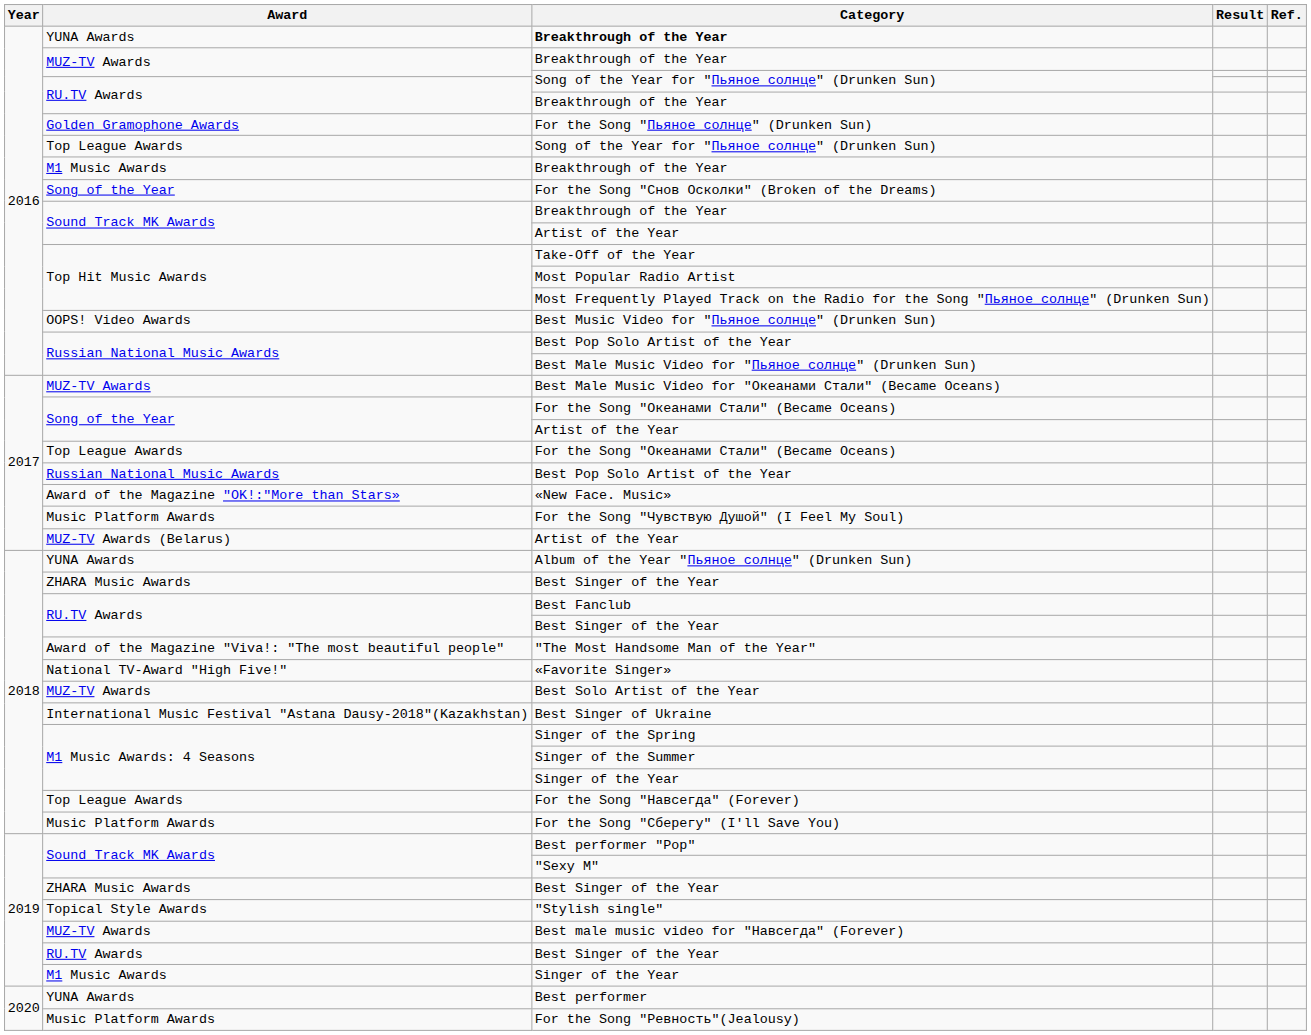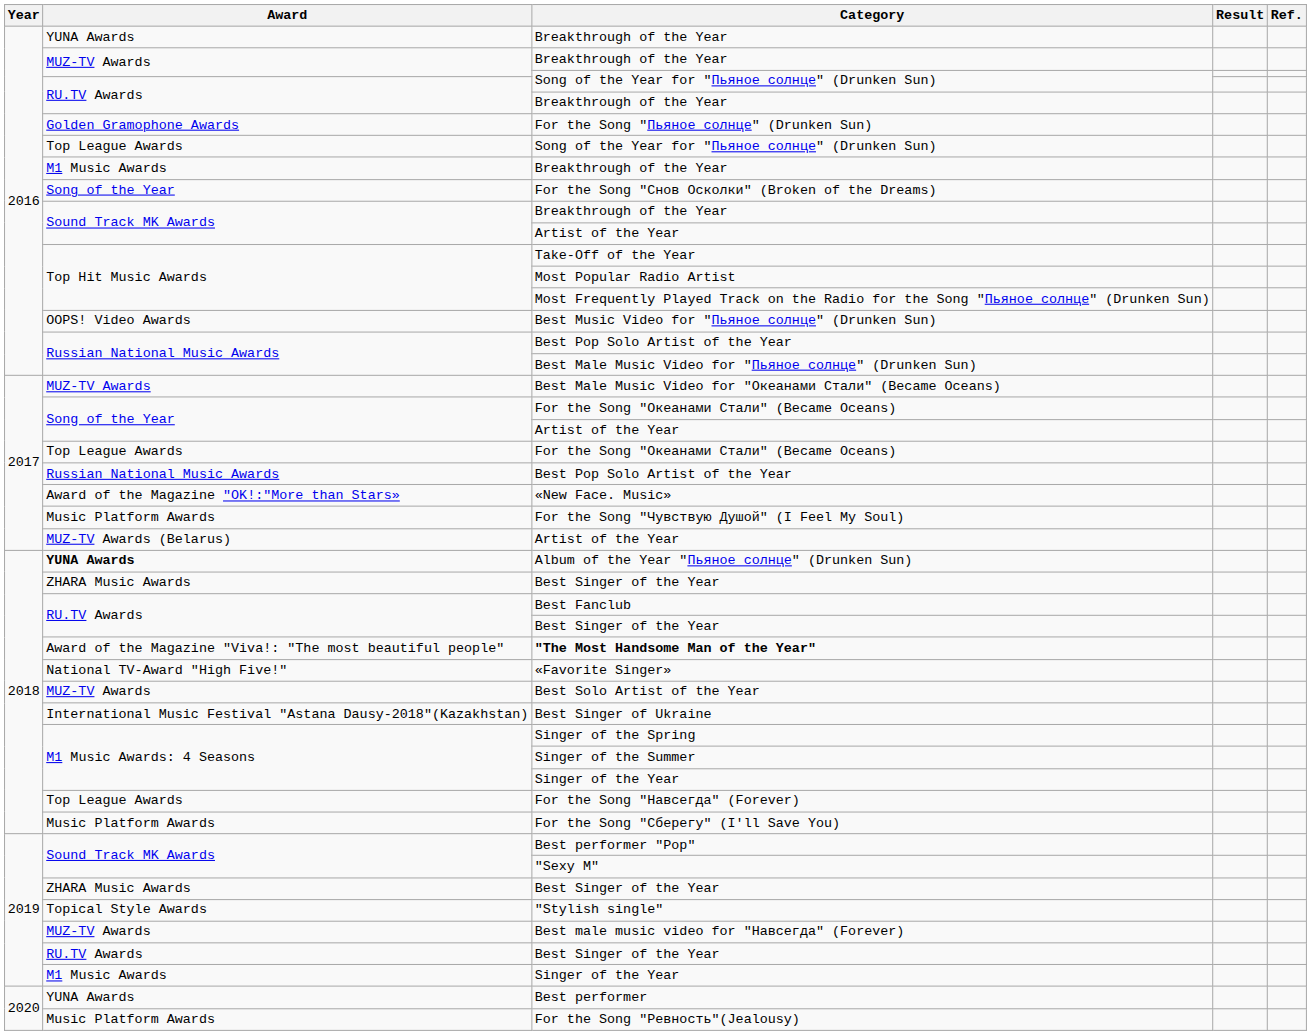 <table class=wikitable>
 <tr>
 <th scope="col">Year</th>
 <th scope="col">Award</th>
 <th scope="col">Category</th>
 <th scope="col">Result</th>
 <th scope="col">Ref.</th>
 </tr>
 <tr>
 <td rowspan="17">2016</td>
 <td>YUNA Awards</td>
-<td><strong>Breakthrough of the Year</strong></td>
+<td>Breakthrough of the Year</td>
 <td></td>
 <td></td>
 </tr>
 <tr>
 <td rowspan="2"><a href='#'>MUZ-TV</a> Awards</td>
 <td>Breakthrough of the Year</td>
 <td></td>
 <td></td>
 </tr>
 <tr>
 <td rowspan="2">Song of the Year for "<a href='#'>Пьяное солнце</a>" (Drunken Sun)</td>
 <td></td>
 <td></td>
 </tr>
 <tr>
 <td rowspan="2"><a href='#'>RU.TV</a> Awards</td>
 <td></td>
 <td></td>
 </tr>
 <tr>
 <td>Breakthrough of the Year</td>
 <td></td>
 <td></td>
 </tr>
 <tr>
 <td><a href='#'>Golden Gramophone Awards</a></td>
 <td>For the Song "<a href='#'>Пьяное солнце</a>" (Drunken Sun)</td>
 <td></td>
 <td></td>
 </tr>
 <tr>
 <td>Top League Awards</td>
 <td>Song of the Year for "<a href='#'>Пьяное солнце</a>" (Drunken Sun)</td>
 <td></td>
 <td></td>
 </tr>
 <tr>
 <td><a href='#'>M1</a> Music Awards</td>
 <td>Breakthrough of the Year</td>
 <td></td>
 <td></td>
 </tr>
 <tr>
 <td><a href='#'>Song of the Year</a></td>
 <td>For the Song "Снов Осколки" (Broken of the Dreams)</td>
 <td></td>
 <td></td>
 </tr>
 <tr>
 <td rowspan="2"><a href='#'>Sound Track MK Awards</a></td>
 <td>Breakthrough of the Year</td>
 <td></td>
 <td></td>
 </tr>
 <tr>
 <td>Artist of the Year</td>
 <td></td>
 <td></td>
 </tr>
 <tr>
 <td rowspan="3">Top Hit Music Awards</td>
 <td>Take-Off of the Year</td>
 <td></td>
 <td></td>
 </tr>
 <tr>
 <td>Most Popular Radio Artist</td>
 <td></td>
 <td></td>
 </tr>
 <tr>
 <td>Most Frequently Played Track on the Radio for the Song "<a href='#'>Пьяное солнце</a>" (Drunken Sun)</td>
 <td></td>
 <td></td>
 </tr>
 <tr>
 <td>OOPS! Video Awards</td>
 <td>Best Music Video for "<a href='#'>Пьяное солнце</a>" (Drunken Sun)</td>
 <td></td>
 <td></td>
 </tr>
 <tr>
 <td rowspan="2"><a href='#'>Russian National Music Awards</a></td>
 <td>Best Pop Solo Artist of the Year</td>
 <td></td>
 <td></td>
 </tr>
 <tr>
 <td>Best Male Music Video for "<a href='#'>Пьяное солнце</a>" (Drunken Sun)</td>
 <td></td>
 <td></td>
 </tr>
 <tr>
 <td rowspan="8">2017</td>
 <td><a href='#'>MUZ-TV Awards</a></td>
 <td>Best Male Music Video for "Океанами Cтали" (Became Oceans)</td>
 <td></td>
 <td></td>
 </tr>
 <tr>
 <td rowspan="2"><a href='#'>Song of the Year</a></td>
 <td>For the Song "Океанами Cтали" (Became Oceans)</td>
 <td></td>
 <td></td>
 </tr>
 <tr>
 <td>Artist of the Year</td>
 <td></td>
 <td></td>
 </tr>
 <tr>
 <td>Top League Awards</td>
 <td>For the Song "Океанами Cтали" (Became Oceans)</td>
 <td></td>
 <td></td>
 </tr>
 <tr>
 <td><a href='#'>Russian National Music Awards</a></td>
 <td>Best Pop Solo Artist of the Year</td>
 <td></td>
 <td></td>
 </tr>
 <tr>
 <td>Award of the Magazine <a href='#'>"OK!:"More than Stars»</a></td>
 <td>«New Face. Music»</td>
 <td></td>
 <td></td>
 </tr>
 <tr>
 <td>Music Platform Awards</td>
 <td>For the Song "Чувствую Душой" (I Feel My Soul)</td>
 <td></td>
 <td></td>
 </tr>
 <tr>
 <td><a href='#'>MUZ-TV</a> Awards (Belarus)</td>
 <td>Artist of the Year</td>
 <td></td>
 <td></td>
 </tr>
 <tr>
 <td rowspan="13">2018</td>
-<td>YUNA Awards</td>
+<td><strong>YUNA Awards</strong></td>
 <td>Album of the Year "<a href='#'>Пьяное солнце</a>" (Drunken Sun)</td>
 <td></td>
 <td></td>
 </tr>
 <tr>
 <td>ZHARA Music Awards</td>
 <td>Best Singer of the Year</td>
 <td></td>
 <td></td>
 </tr>
 <tr>
 <td rowspan="2"><a href='#'>RU.TV</a> Awards</td>
 <td>Best Fanclub</td>
 <td></td>
 <td></td>
 </tr>
 <tr>
 <td>Best Singer of the Year</td>
 <td></td>
 <td></td>
 </tr>
 <tr>
 <td>Award of the Magazine "Viva!: "The most beautiful people"</td>
-<td>"The Most Handsome Man of the Year"</td>
+<td><strong>"The Most Handsome Man of the Year"</strong></td>
 <td></td>
 <td></td>
 </tr>
 <tr>
 <td>National TV-Award "High Five!"</td>
 <td>«Favorite Singer»</td>
 <td></td>
 <td></td>
 </tr>
 <tr>
 <td><a href='#'>MUZ-TV</a> Awards</td>
 <td>Best Solo Artist of the Year</td>
 <td></td>
 <td></td>
 </tr>
 <tr>
 <td>International Music Festival "Astana Dausy-2018"(Kazakhstan)</td>
 <td>Best Singer of Ukraine</td>
 <td></td>
 <td></td>
 </tr>
 <tr>
 <td rowspan="3"><a href='#'>M1</a> Music Awards: 4 Seasons</td>
 <td>Singer of the Spring</td>
 <td></td>
 <td></td>
 </tr>
 <tr>
 <td>Singer of the Summer</td>
 <td></td>
 <td></td>
 </tr>
 <tr>
 <td>Singer of the Year</td>
 <td></td>
 <td></td>
 </tr>
 <tr>
 <td>Top League Awards</td>
 <td>For the Song "Навсегда" (Forever)</td>
 <td></td>
 <td></td>
 </tr>
 <tr>
 <td>Music Platform Awards</td>
 <td>For the Song "Сберегу" (I'll Save You)</td>
 <td></td>
 <td></td>
 </tr>
 <tr>
 <td rowspan="7">2019</td>
 <td rowspan="2"><a href='#'>Sound Track MK Awards</a></td>
 <td>Best performer "Pop"</td>
 <td></td>
 <td></td>
 </tr>
 <tr>
 <td>"Sexy M"</td>
 <td></td>
 <td></td>
 </tr>
 <tr>
 <td>ZHARA Music Awards</td>
 <td>Best Singer of the Year</td>
 <td></td>
 <td></td>
 </tr>
 <tr>
 <td>Topical Style Awards</td>
 <td>"Stylish single"</td>
 <td></td>
 <td></td>
 </tr>
 <tr>
 <td><a href='#'>MUZ-TV</a> Awards</td>
 <td>Best male music video for "Навсегда" (Forever)</td>
 <td></td>
 <td></td>
 </tr>
 <tr>
 <td><a href='#'>RU.TV</a> Awards</td>
 <td>Best Singer of the Year</td>
 <td></td>
 <td></td>
 </tr>
 <tr>
 <td><a href='#'>M1</a> Music Awards</td>
 <td>Singer of the Year</td>
 <td></td>
 <td></td>
 </tr>
 <tr>
 <td rowspan="2">2020</td>
 <td>YUNA Awards</td>
 <td>Best performer</td>
 <td></td>
 <td></td>
 </tr>
 <tr>
 <td>Music Platform Awards</td>
 <td>For the Song "Ревность"(Jealousy)</td>
 <td></td>
 <td></td>
 </tr>
 </table>
